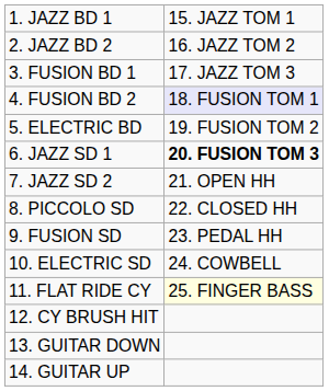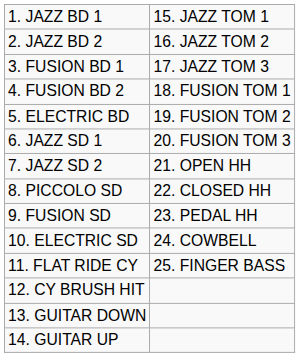 <table class="wikitable">
 <tr>
 <td>1. JAZZ BD 1</td>
 <td>15. JAZZ TOM 1</td>
 </tr>
 <tr>
 <td>2. JAZZ BD 2</td>
 <td>16. JAZZ TOM 2</td>
 </tr>
 <tr>
 <td>3. FUSION BD 1</td>
 <td>17. JAZZ TOM 3</td>
 </tr>
 <tr>
 <td>4. FUSION BD 2</td>
-<td style="background: lavender;">18. FUSION TOM 1</td>
+<td>18. FUSION TOM 1</td>
 </tr>
 <tr>
 <td>5. ELECTRIC BD</td>
 <td>19. FUSION TOM 2</td>
 </tr>
 <tr>
 <td>6. JAZZ SD 1</td>
-<td><strong>20. FUSION TOM 3</strong></td>
+<td>20. FUSION TOM 3</td>
 </tr>
 <tr>
 <td>7. JAZZ SD 2</td>
 <td>21. OPEN HH</td>
 </tr>
 <tr>
 <td>8. PICCOLO SD</td>
 <td>22. CLOSED HH</td>
 </tr>
 <tr>
 <td>9. FUSION SD</td>
 <td>23. PEDAL HH</td>
 </tr>
 <tr>
 <td>10. ELECTRIC SD</td>
 <td>24. COWBELL</td>
 </tr>
 <tr>
 <td>11. FLAT RIDE CY</td>
-<td style="background: lightyellow;">25. FINGER BASS</td>
+<td>25. FINGER BASS</td>
 </tr>
 <tr>
 <td>12. CY BRUSH HIT</td>
 <td></td>
 </tr>
 <tr>
 <td>13. GUITAR DOWN</td>
 <td></td>
 </tr>
 <tr>
 <td>14. GUITAR UP</td>
 <td></td>
 </tr>
 </table>
